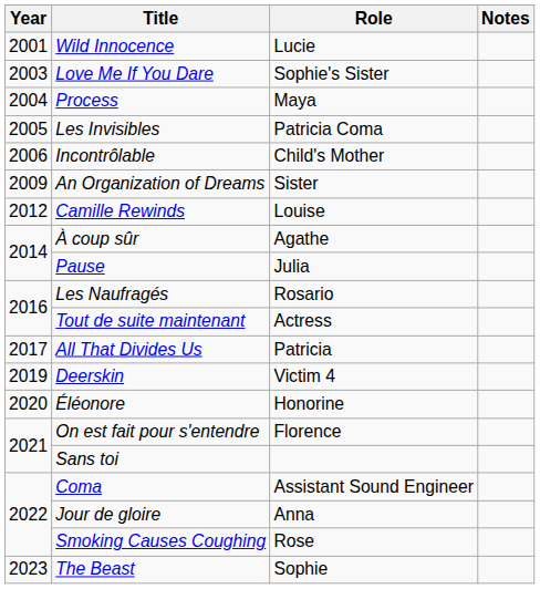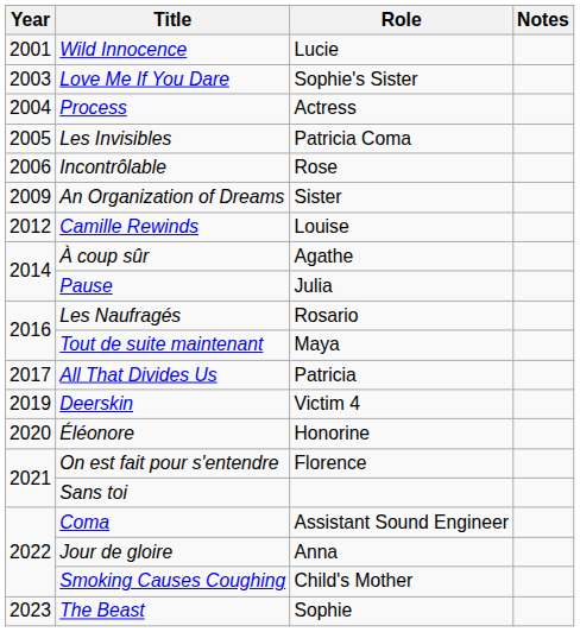 <table class="wikitable sortable">
 <tr>
 <th>Year</th>
 <th>Title</th>
 <th>Role</th>
 <th class="unsortable">Notes</th>
 </tr>
 <tr>
 <td>2001</td>
 <td><em><a href='#'>Wild Innocence</a></em></td>
 <td>Lucie</td>
 <td></td>
 </tr>
 <tr>
 <td>2003</td>
 <td><em><a href='#'>Love Me If You Dare</a></em></td>
 <td>Sophie's Sister</td>
 <td></td>
 </tr>
 <tr>
 <td>2004</td>
 <td><em><a href='#'>Process</a></em></td>
-<td>Maya</td>
+<td>Actress</td>
 <td></td>
 </tr>
 <tr>
 <td>2005</td>
 <td><em>Les Invisibles</em></td>
 <td>Patricia Coma</td>
 <td></td>
 </tr>
 <tr>
 <td>2006</td>
 <td><em>Incontrôlable</em></td>
-<td>Child's Mother</td>
+<td>Rose</td>
 <td></td>
 </tr>
 <tr>
 <td>2009</td>
 <td><em>An Organization of Dreams</em></td>
 <td>Sister</td>
 <td></td>
 </tr>
 <tr>
 <td>2012</td>
 <td><em><a href='#'>Camille Rewinds</a></em></td>
 <td>Louise</td>
 <td></td>
 </tr>
 <tr>
 <td rowspan="2">2014</td>
 <td><em>À coup sûr</em></td>
 <td>Agathe</td>
 <td></td>
 </tr>
 <tr>
 <td><em><a href='#'>Pause</a></em></td>
 <td>Julia</td>
 <td></td>
 </tr>
 <tr>
 <td rowspan="2">2016</td>
 <td><em>Les Naufragés</em></td>
 <td>Rosario</td>
 <td></td>
 </tr>
 <tr>
 <td><em><a href='#'>Tout de suite maintenant</a></em></td>
-<td>Actress</td>
+<td>Maya</td>
 <td></td>
 </tr>
 <tr>
 <td>2017</td>
 <td><em><a href='#'>All That Divides Us</a></em></td>
 <td>Patricia</td>
 <td></td>
 </tr>
 <tr>
 <td>2019</td>
 <td><em><a href='#'>Deerskin</a></em></td>
 <td>Victim 4</td>
 <td></td>
 </tr>
 <tr>
 <td>2020</td>
 <td><em>Éléonore</em></td>
 <td>Honorine</td>
 <td></td>
 </tr>
 <tr>
 <td rowspan="2">2021</td>
 <td><em>On est fait pour s'entendre</em></td>
 <td>Florence</td>
 <td></td>
 </tr>
 <tr>
 <td><em>Sans toi</em></td>
 <td></td>
 <td></td>
 </tr>
 <tr>
 <td rowspan="3">2022</td>
 <td><em><a href='#'>Coma</a></em></td>
 <td>Assistant Sound Engineer</td>
 <td></td>
 </tr>
 <tr>
 <td><em>Jour de gloire</em></td>
 <td>Anna</td>
 <td></td>
 </tr>
 <tr>
 <td><em><a href='#'>Smoking Causes Coughing</a></em></td>
-<td>Rose</td>
+<td>Child's Mother</td>
 <td></td>
 </tr>
 <tr>
 <td>2023</td>
 <td><em><a href='#'>The Beast</a></em></td>
 <td>Sophie</td>
 <td></td>
 </tr>
 </table>
